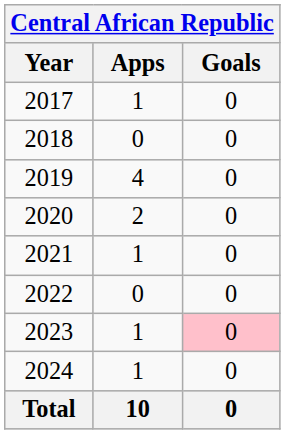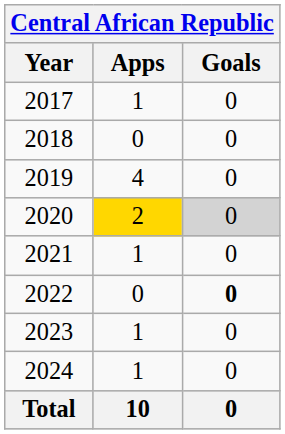 <table class="wikitable" style="text-align:center">
 <tr>
 <th colspan=3><a href='#'>Central African Republic</a></th>
 </tr>
 <tr>
 <th>Year</th>
 <th>Apps</th>
 <th>Goals</th>
 </tr>
 <tr>
 <td>2017</td>
 <td>1</td>
 <td>0</td>
 </tr>
 <tr>
 <td>2018</td>
 <td>0</td>
 <td>0</td>
 </tr>
 <tr>
 <td>2019</td>
 <td>4</td>
 <td>0</td>
 </tr>
 <tr>
 <td>2020</td>
-<td>2</td>
-<td>0</td>
+<td style="background: gold;">2</td>
+<td style="background: lightgrey;">0</td>
 </tr>
 <tr>
 <td>2021</td>
 <td>1</td>
 <td>0</td>
 </tr>
 <tr>
 <td>2022</td>
 <td>0</td>
-<td>0</td>
+<td><strong>0</strong></td>
 </tr>
 <tr>
 <td>2023</td>
 <td>1</td>
-<td style="background: pink;">0</td>
+<td>0</td>
 </tr>
 <tr>
 <td>2024</td>
 <td>1</td>
 <td>0</td>
 </tr>
 <tr>
 <th>Total</th>
 <th>10</th>
 <th>0</th>
 </tr>
 </table>
